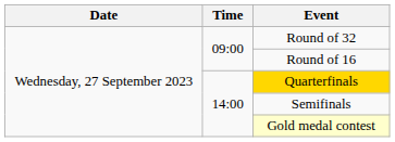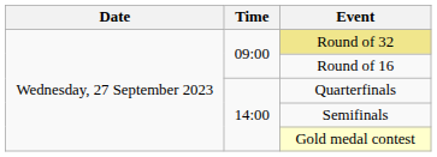 <table class = "wikitable" style="text-align:center;">
 <tr>
 <th width=220>Date</th>
 <th width=50>Time</th>
 <th width=150>Event</th>
 </tr>
 <tr>
 <td rowspan=5>Wednesday, 27 September 2023</td>
 <td rowspan=2>09:00</td>
-<td>Round of 32</td>
+<td style="background: khaki;">Round of 32</td>
 </tr>
 <tr>
 <td>Round of 16</td>
 </tr>
 <tr>
 <td rowspan=3>14:00</td>
-<td style="background: gold;">Quarterfinals</td>
+<td>Quarterfinals</td>
 </tr>
 <tr>
 <td>Semifinals</td>
 </tr>
 <tr>
 <td bgcolor=ffffcc>Gold medal contest</td>
 </tr>
 </table>
